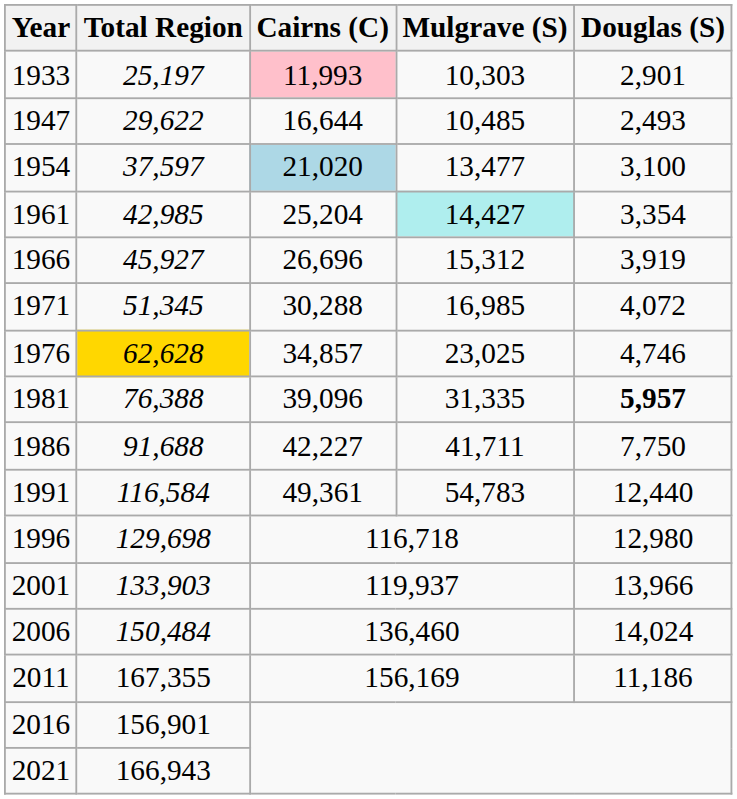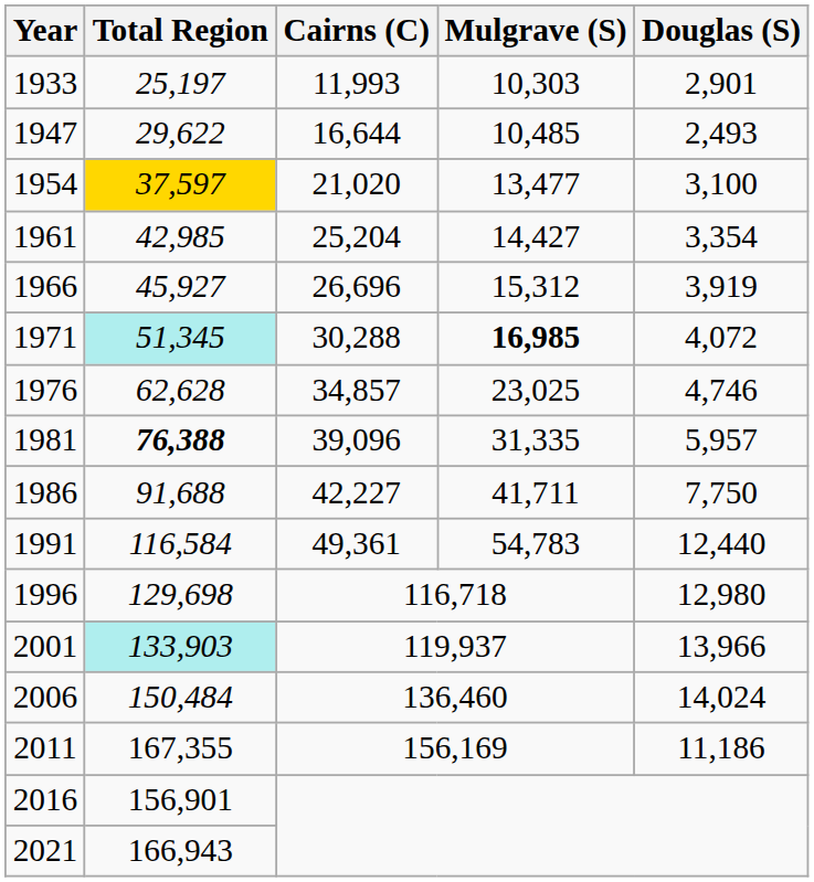 <table class="wikitable" style="text-align:center;">
 <tr>
 <th>Year</th>
 <th>Total Region</th>
 <th>Cairns (C)</th>
 <th>Mulgrave (S)</th>
 <th>Douglas (S)</th>
 </tr>
 <tr>
 <td>1933</td>
 <td><em>25,197</em></td>
-<td style="background: pink;">11,993</td>
+<td>11,993</td>
 <td>10,303</td>
 <td>2,901</td>
 </tr>
 <tr>
 <td>1947</td>
 <td><em>29,622</em></td>
 <td>16,644</td>
 <td>10,485</td>
 <td>2,493</td>
 </tr>
 <tr>
 <td>1954</td>
-<td><em>37,597</em></td>
-<td style="background: lightblue;">21,020</td>
+<td style="background: gold;"><em>37,597</em></td>
+<td>21,020</td>
 <td>13,477</td>
 <td>3,100</td>
 </tr>
 <tr>
 <td>1961</td>
 <td><em>42,985</em></td>
 <td>25,204</td>
-<td style="background: paleturquoise;">14,427</td>
+<td>14,427</td>
 <td>3,354</td>
 </tr>
 <tr>
 <td>1966</td>
 <td><em>45,927</em></td>
 <td>26,696</td>
 <td>15,312</td>
 <td>3,919</td>
 </tr>
 <tr>
 <td>1971</td>
-<td><em>51,345</em></td>
+<td style="background: paleturquoise;"><em>51,345</em></td>
 <td>30,288</td>
-<td>16,985</td>
+<td><strong>16,985</strong></td>
 <td>4,072</td>
 </tr>
 <tr>
 <td>1976</td>
-<td style="background: gold;"><em>62,628</em></td>
+<td><em>62,628</em></td>
 <td>34,857</td>
 <td>23,025</td>
 <td>4,746</td>
 </tr>
 <tr>
 <td>1981</td>
-<td><em>76,388</em></td>
+<td><strong><em>76,388</em></strong></td>
 <td>39,096</td>
 <td>31,335</td>
-<td><strong>5,957</strong></td>
+<td>5,957</td>
 </tr>
 <tr>
 <td>1986</td>
 <td><em>91,688</em></td>
 <td>42,227</td>
 <td>41,711</td>
 <td>7,750</td>
 </tr>
 <tr>
 <td>1991</td>
 <td><em>116,584</em></td>
 <td>49,361</td>
 <td>54,783</td>
 <td>12,440</td>
 </tr>
 <tr>
 <td>1996</td>
 <td><em>129,698</em></td>
 <td colspan="2">116,718</td>
 <td>12,980</td>
 </tr>
 <tr>
 <td>2001</td>
-<td><em>133,903</em></td>
+<td style="background: paleturquoise;"><em>133,903</em></td>
 <td colspan="2">119,937</td>
 <td>13,966</td>
 </tr>
 <tr>
 <td>2006</td>
 <td><em>150,484</em></td>
 <td colspan="2">136,460</td>
 <td>14,024</td>
 </tr>
 <tr>
 <td>2011</td>
 <td>167,355</td>
 <td colspan="2">156,169</td>
 <td>11,186</td>
 </tr>
 <tr>
 <td>2016</td>
 <td>156,901</td>
 </tr>
 <tr>
 <td>2021</td>
 <td>166,943</td>
 </tr>
 </table>
